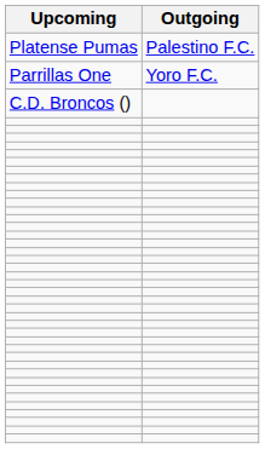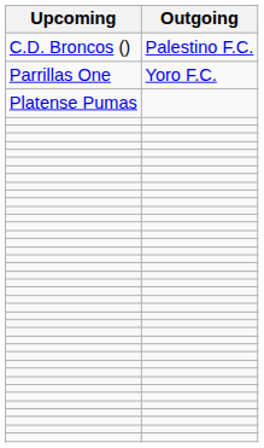 <table class="wikitable">
 <tr>
 <th>Upcoming</th>
 <th>Outgoing</th>
 </tr>
 <tr>
-<td><a href='#'>Platense Pumas</a></td>
+<td><a href='#'>C.D. Broncos</a> ()</td>
 <td><a href='#'>Palestino F.C.</a></td>
 </tr>
 <tr>
 <td><a href='#'>Parrillas One</a></td>
 <td><a href='#'>Yoro F.C.</a></td>
 </tr>
 <tr>
-<td><a href='#'>C.D. Broncos</a> ()</td>
+<td><a href='#'>Platense Pumas</a></td>
 <td></td>
 </tr>
 <tr>
 <td></td>
 <td></td>
 </tr>
 <tr>
 <td></td>
 <td></td>
 </tr>
 <tr>
 <td></td>
 <td></td>
 </tr>
 <tr>
 <td></td>
 <td></td>
 </tr>
 <tr>
 <td></td>
 <td></td>
 </tr>
 <tr>
 <td></td>
 <td></td>
 </tr>
 <tr>
 <td></td>
 <td></td>
 </tr>
 <tr>
 <td></td>
 <td></td>
 </tr>
 <tr>
 <td></td>
 <td></td>
 </tr>
 <tr>
 <td></td>
 <td></td>
 </tr>
 <tr>
 <td></td>
 <td></td>
 </tr>
 <tr>
 <td></td>
 <td></td>
 </tr>
 <tr>
 <td></td>
 <td></td>
 </tr>
 <tr>
 <td></td>
 <td></td>
 </tr>
 <tr>
 <td></td>
 <td></td>
 </tr>
 <tr>
 <td></td>
 <td></td>
 </tr>
 <tr>
 <td></td>
 <td></td>
 </tr>
 <tr>
 <td></td>
 <td></td>
 </tr>
 <tr>
 <td></td>
 <td></td>
 </tr>
 <tr>
 <td></td>
 <td></td>
 </tr>
 <tr>
 <td></td>
 <td></td>
 </tr>
 <tr>
 <td></td>
 <td></td>
 </tr>
 <tr>
 <td></td>
 <td></td>
 </tr>
 <tr>
 <td></td>
 <td></td>
 </tr>
 <tr>
 <td></td>
 <td></td>
 </tr>
 <tr>
 <td></td>
 <td></td>
 </tr>
 <tr>
 <td></td>
 <td></td>
 </tr>
 <tr>
 <td></td>
 <td></td>
 </tr>
 <tr>
 <td></td>
 <td></td>
 </tr>
 <tr>
 <td></td>
 <td></td>
 </tr>
 <tr>
 <td></td>
 <td></td>
 </tr>
 <tr>
 <td></td>
 <td></td>
 </tr>
 <tr>
 <td></td>
 <td></td>
 </tr>
 <tr>
 <td></td>
 <td></td>
 </tr>
 <tr>
 <td></td>
 <td></td>
 </tr>
 <tr>
 <td></td>
 <td></td>
 </tr>
 <tr>
 <td></td>
 <td></td>
 </tr>
 <tr>
 <td></td>
 <td></td>
 </tr>
 <tr>
 <td></td>
 <td></td>
 </tr>
 <tr>
 <td></td>
 <td></td>
 </tr>
 </table>
